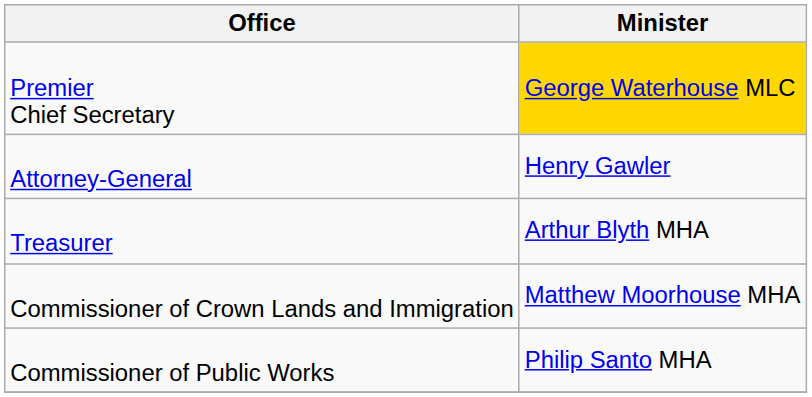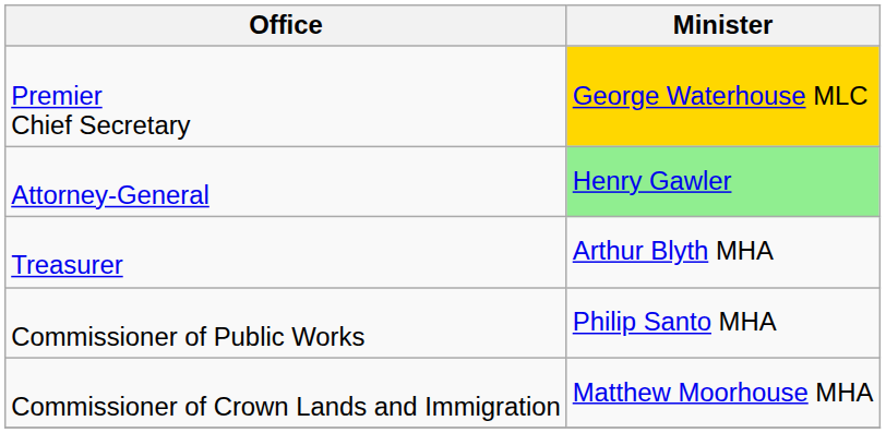 <table class="wikitable">
 <tr>
 <th>Office</th>
 <th>Minister</th>
 </tr>
 <tr>
 <td><br><a href='#'>Premier</a><br> Chief Secretary</td>
 <td style="background: gold;"><a href='#'>George Waterhouse</a> MLC</td>
 </tr>
 <tr>
 <td><br><a href='#'>Attorney-General</a></td>
-<td><a href='#'>Henry Gawler</a></td>
+<td style="background: lightgreen;"><a href='#'>Henry Gawler</a></td>
 </tr>
 <tr>
 <td><br><a href='#'>Treasurer</a></td>
 <td><a href='#'>Arthur Blyth</a> MHA</td>
 </tr>
 <tr>
+<td><br>Commissioner of Public Works<br></td>
+<td><a href='#'>Philip Santo</a> MHA</td>
+</tr>
+<tr>
 <td><br>Commissioner of Crown Lands and Immigration<br></td>
 <td><a href='#'>Matthew Moorhouse</a> MHA</td>
 </tr>
 <tr>
-<td><br>Commissioner of Public Works<br></td>
-<td><a href='#'>Philip Santo</a> MHA</td>
-</tr>
-<tr>
 </tr>
 </table>
